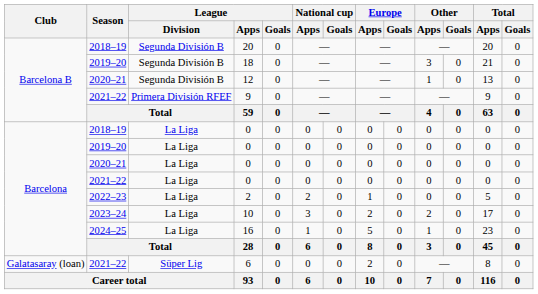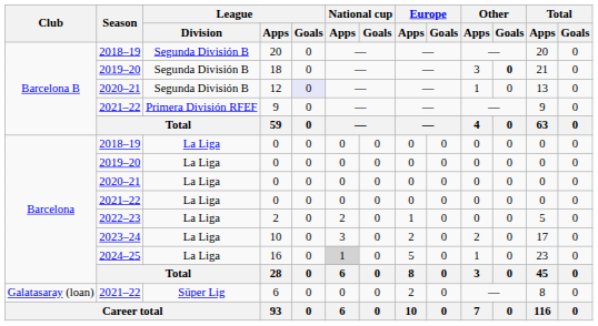 <table class="wikitable" style="text-align: center;">
 <tr>
 <th rowspan="2">Club</th>
 <th rowspan="2">Season</th>
 <th colspan="3">League</th>
 <th colspan="2">National cup</th>
 <th colspan="2"><a href='#'>Europe</a></th>
 <th colspan="2">Other</th>
 <th colspan="2">Total</th>
 </tr>
 <tr>
 <th>Division</th>
 <th>Apps</th>
 <th>Goals</th>
 <th>Apps</th>
 <th>Goals</th>
 <th>Apps</th>
 <th>Goals</th>
 <th>Apps</th>
 <th>Goals</th>
 <th>Apps</th>
 <th>Goals</th>
 </tr>
 <tr>
 <td rowspan="5"><a href='#'>Barcelona B</a></td>
 <td><a href='#'>2018–19</a></td>
 <td><a href='#'>Segunda División B</a></td>
 <td>20</td>
 <td>0</td>
 <td colspan="2">—</td>
 <td colspan="2">—</td>
 <td colspan="2">—</td>
 <td>20</td>
 <td>0</td>
 </tr>
 <tr>
 <td><a href='#'>2019–20</a></td>
 <td>Segunda División B</td>
 <td>18</td>
 <td>0</td>
 <td colspan="2">—</td>
 <td colspan="2">—</td>
 <td>3</td>
-<td>0</td>
+<td><strong>0</strong></td>
 <td>21</td>
 <td>0</td>
 </tr>
 <tr>
 <td><a href='#'>2020–21</a></td>
 <td>Segunda División B</td>
 <td>12</td>
-<td>0</td>
+<td style="background: lavender;">0</td>
 <td colspan="2">—</td>
 <td colspan="2">—</td>
 <td>1</td>
 <td>0</td>
 <td>13</td>
 <td>0</td>
 </tr>
 <tr>
 <td><a href='#'>2021–22</a></td>
 <td><a href='#'>Primera División RFEF</a></td>
 <td>9</td>
 <td>0</td>
 <td colspan="2">—</td>
 <td colspan="2">—</td>
 <td colspan="2">—</td>
 <td>9</td>
 <td>0</td>
 </tr>
 <tr>
 <th colspan="2">Total</th>
 <th>59</th>
 <th>0</th>
 <th colspan="2">—</th>
 <th colspan="2">—</th>
 <th>4</th>
 <th>0</th>
 <th>63</th>
 <th>0</th>
 </tr>
 <tr>
 <td rowspan="8"><a href='#'>Barcelona</a></td>
 <td><a href='#'>2018–19</a></td>
 <td><a href='#'>La Liga</a></td>
 <td>0</td>
 <td>0</td>
 <td>0</td>
 <td>0</td>
 <td>0</td>
 <td>0</td>
 <td>0</td>
 <td>0</td>
 <td>0</td>
 <td>0</td>
 </tr>
 <tr>
 <td><a href='#'>2019–20</a></td>
 <td>La Liga</td>
 <td>0</td>
 <td>0</td>
 <td>0</td>
 <td>0</td>
 <td>0</td>
 <td>0</td>
 <td>0</td>
 <td>0</td>
 <td>0</td>
 <td>0</td>
 </tr>
 <tr>
 <td><a href='#'>2020–21</a></td>
 <td>La Liga</td>
 <td>0</td>
 <td>0</td>
 <td>0</td>
 <td>0</td>
 <td>0</td>
 <td>0</td>
 <td>0</td>
 <td>0</td>
 <td>0</td>
 <td>0</td>
 </tr>
 <tr>
 <td><a href='#'>2021–22</a></td>
 <td>La Liga</td>
 <td>0</td>
 <td>0</td>
 <td>0</td>
 <td>0</td>
 <td>0</td>
 <td>0</td>
 <td>0</td>
 <td>0</td>
 <td>0</td>
 <td>0</td>
 </tr>
 <tr>
 <td><a href='#'>2022–23</a></td>
 <td>La Liga</td>
 <td>2</td>
 <td>0</td>
 <td>2</td>
 <td>0</td>
 <td>1</td>
 <td>0</td>
 <td>0</td>
 <td>0</td>
 <td>5</td>
 <td>0</td>
 </tr>
 <tr>
 <td><a href='#'>2023–24</a></td>
 <td>La Liga</td>
 <td>10</td>
 <td>0</td>
 <td>3</td>
 <td>0</td>
 <td>2</td>
 <td>0</td>
 <td>2</td>
 <td>0</td>
 <td>17</td>
 <td>0</td>
 </tr>
 <tr>
 <td><a href='#'>2024–25</a></td>
 <td>La Liga</td>
 <td>16</td>
 <td>0</td>
-<td>1</td>
+<td style="background: lightgrey;">1</td>
 <td>0</td>
 <td>5</td>
 <td>0</td>
 <td>1</td>
 <td>0</td>
 <td>23</td>
 <td>0</td>
 </tr>
 <tr>
 <th colspan="2">Total</th>
 <th>28</th>
 <th>0</th>
 <th>6</th>
 <th>0</th>
 <th>8</th>
 <th>0</th>
 <th>3</th>
 <th>0</th>
 <th>45</th>
 <th>0</th>
 </tr>
 <tr>
 <td><a href='#'>Galatasaray</a> (loan)</td>
 <td><a href='#'>2021–22</a></td>
 <td><a href='#'>Süper Lig</a></td>
 <td>6</td>
 <td>0</td>
 <td>0</td>
 <td>0</td>
 <td>2</td>
 <td>0</td>
 <td colspan="2">—</td>
 <td>8</td>
 <td>0</td>
 </tr>
 <tr>
 <th colspan="3">Career total</th>
 <th>93</th>
 <th>0</th>
 <th>6</th>
 <th>0</th>
 <th>10</th>
 <th>0</th>
 <th>7</th>
 <th>0</th>
 <th>116</th>
 <th>0</th>
 </tr>
 </table>
